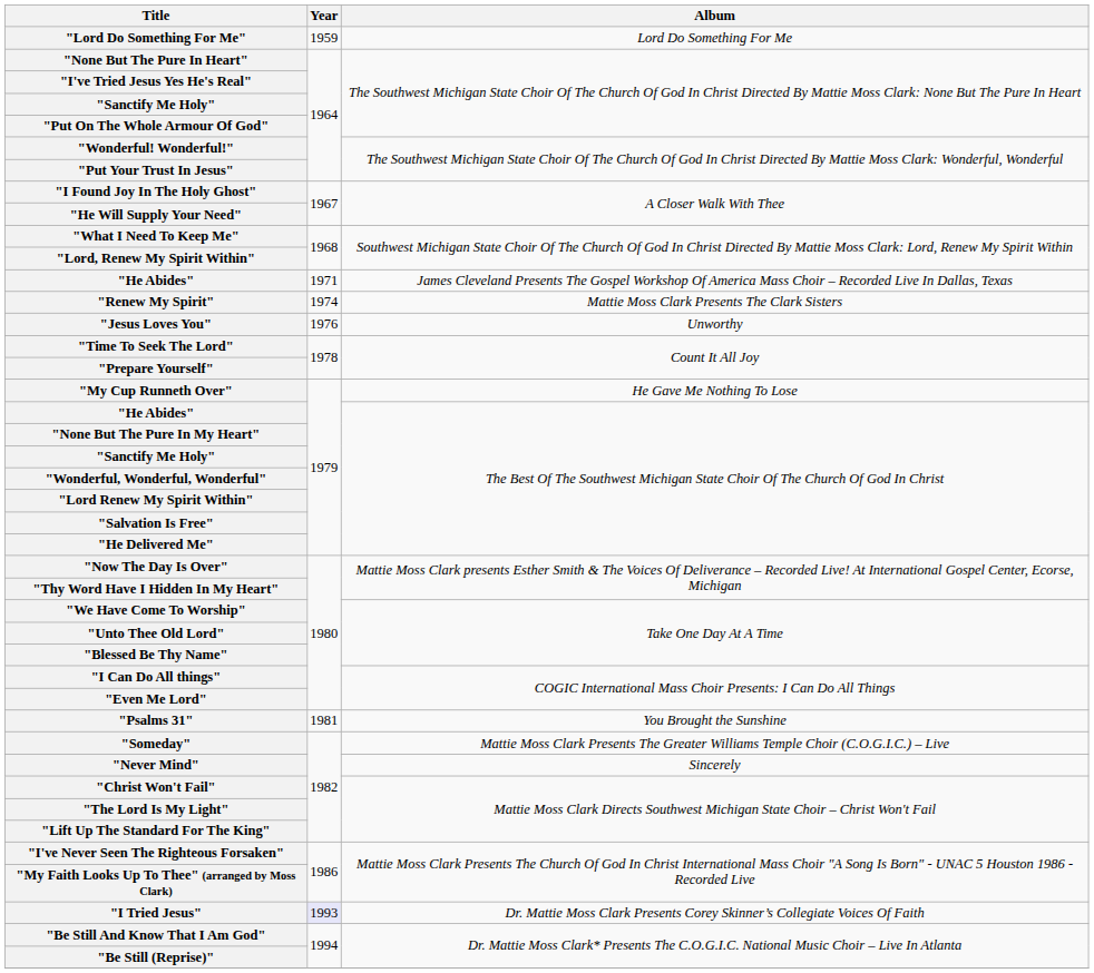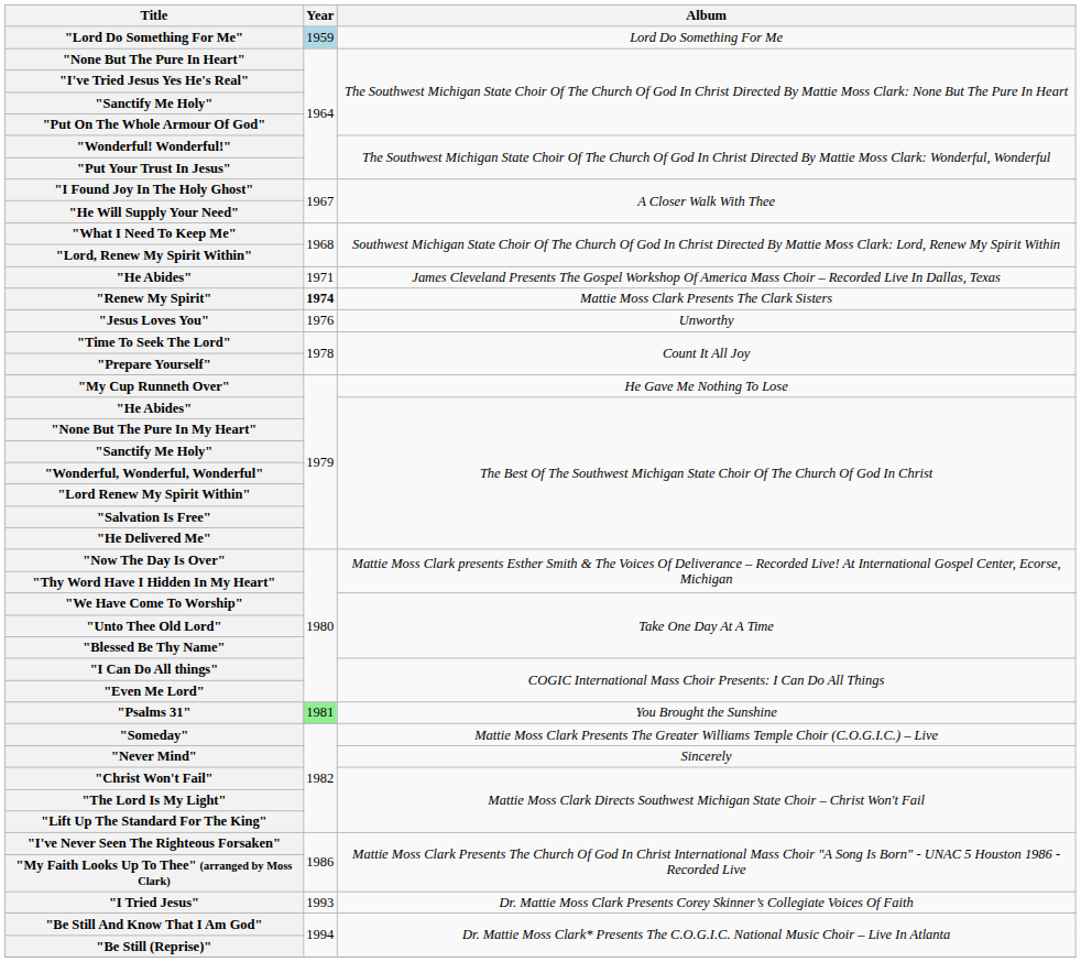 <table class="wikitable plainrowheaders" style="text-align:center;">
 <tr>
 <th>Title</th>
 <th>Year</th>
 <th>Album</th>
 </tr>
 <tr>
 <th scope="row">"Lord Do Something For Me"</th>
-<td>1959</td>
+<td style="background: lightblue;">1959</td>
 <td><em>Lord Do Something For Me</em></td>
 </tr>
 <tr>
 <th scope="row">"None But The Pure In Heart"</th>
 <td rowspan="6">1964</td>
 <td rowspan="4"><em>The Southwest Michigan State Choir Of The Church Of God In Christ Directed By Mattie Moss Clark: None But The Pure In Heart</em></td>
 </tr>
 <tr>
 <th scope="row">"I've Tried Jesus Yes He's Real"</th>
 </tr>
 <tr>
 <th scope="row">"Sanctify Me Holy"</th>
 </tr>
 <tr>
 <th scope="row">"Put On The Whole Armour Of God"</th>
 </tr>
 <tr>
 <th scope="row">"Wonderful! Wonderful!"</th>
 <td rowspan="2"><em>The Southwest Michigan State Choir Of The Church Of God In Christ Directed By Mattie Moss Clark: Wonderful, Wonderful</em></td>
 </tr>
 <tr>
 <th scope="row">"Put Your Trust In Jesus"</th>
 </tr>
 <tr>
 <th scope="row">"I Found Joy In The Holy Ghost"</th>
 <td rowspan="2">1967</td>
 <td rowspan="2"><em>A Closer Walk With Thee</em></td>
 </tr>
 <tr>
 <th scope="row">"He Will Supply Your Need"</th>
 </tr>
 <tr>
 <th scope="row">"What I Need To Keep Me"</th>
 <td rowspan="2">1968</td>
 <td rowspan="2"><em>Southwest Michigan State Choir Of The Church Of God In Christ Directed By Mattie Moss Clark: Lord, Renew My Spirit Within</em></td>
 </tr>
 <tr>
 <th scope="row">"Lord, Renew My Spirit Within"</th>
 </tr>
 <tr>
 <th scope="row">"He Abides"</th>
 <td>1971</td>
 <td><em>James Cleveland Presents The Gospel Workshop Of America Mass Choir – Recorded Live In Dallas, Texas</em></td>
 </tr>
 <tr>
 <th scope="row">"Renew My Spirit"</th>
-<td>1974</td>
+<td><strong>1974</strong></td>
 <td><em>Mattie Moss Clark Presents The Clark Sisters</em></td>
 </tr>
 <tr>
 <th scope="row">"Jesus Loves You"</th>
 <td>1976</td>
 <td><em>Unworthy</em></td>
 </tr>
 <tr>
 <th scope="row">"Time To Seek The Lord"</th>
 <td rowspan="2">1978</td>
 <td rowspan="2"><em>Count It All Joy</em></td>
 </tr>
 <tr>
 <th scope="row">"Prepare Yourself"</th>
 </tr>
 <tr>
 <th scope="row">"My Cup Runneth Over"</th>
 <td rowspan="8">1979</td>
 <td><em>He Gave Me Nothing To Lose</em></td>
 </tr>
 <tr>
 <th scope="row">"He Abides"</th>
 <td rowspan="7"><em>The Best Of The Southwest Michigan State Choir Of The Church Of God In Christ</em></td>
 </tr>
 <tr>
 <th scope="row">"None But The Pure In My Heart"</th>
 </tr>
 <tr>
 <th scope="row">"Sanctify Me Holy"</th>
 </tr>
 <tr>
 <th scope="row">"Wonderful, Wonderful, Wonderful"</th>
 </tr>
 <tr>
 <th scope="row">"Lord Renew My Spirit Within"</th>
 </tr>
 <tr>
 <th scope="row">"Salvation Is Free"</th>
 </tr>
 <tr>
 <th scope="row">"He Delivered Me"</th>
 </tr>
 <tr>
 <th scope="row">"Now The Day Is Over"</th>
 <td rowspan="7">1980</td>
 <td rowspan="2"><em>Mattie Moss Clark presents Esther Smith & The Voices Of Deliverance – Recorded Live! At International Gospel Center, Ecorse, Michigan</em></td>
 </tr>
 <tr>
 <th scope="row">"Thy Word Have I Hidden In My Heart"</th>
 </tr>
 <tr>
 <th scope="row">"We Have Come To Worship"</th>
 <td rowspan="3"><em>Take One Day At A Time</em></td>
 </tr>
 <tr>
 <th scope="row">"Unto Thee Old Lord"</th>
 </tr>
 <tr>
 <th scope="row">"Blessed Be Thy Name"</th>
 </tr>
 <tr>
 <th scope="row">"I Can Do All things"</th>
 <td rowspan="2"><em>COGIC International Mass Choir Presents: I Can Do All Things</em></td>
 </tr>
 <tr>
 <th scope="row">"Even Me Lord"</th>
 </tr>
 <tr>
 <th scope="row">"Psalms 31"</th>
-<td>1981</td>
+<td style="background: lightgreen;">1981</td>
 <td><em>You Brought the Sunshine</em></td>
 </tr>
 <tr>
 <th scope="row">"Someday"</th>
 <td rowspan="5">1982</td>
 <td><em>Mattie Moss Clark Presents The Greater Williams Temple Choir (C.O.G.I.C.) – Live</em></td>
 </tr>
 <tr>
 <th scope="row">"Never Mind"</th>
 <td><em>Sincerely</em></td>
 </tr>
 <tr>
 <th scope="row">"Christ Won't Fail"</th>
 <td rowspan="3"><em>Mattie Moss Clark Directs Southwest Michigan State Choir – Christ Won't Fail</em></td>
 </tr>
 <tr>
 <th scope="row">"The Lord Is My Light"</th>
 </tr>
 <tr>
 <th scope="row">"Lift Up The Standard For The King"</th>
 </tr>
 <tr>
 <th scope="row">"I've Never Seen The Righteous Forsaken"</th>
 <td rowspan="2">1986</td>
 <td rowspan="2"><em>Mattie Moss Clark Presents The Church Of God In Christ International Mass Choir "A Song Is Born" - UNAC 5 Houston 1986 - Recorded Live</em></td>
 </tr>
 <tr>
 <th scope="row">"My Faith Looks Up To Thee" <small>(arranged by Moss Clark)</small></th>
 </tr>
 <tr>
 <th scope="row">"I Tried Jesus"</th>
-<td style="background: lavender;">1993</td>
+<td>1993</td>
 <td><em>Dr. Mattie Moss Clark Presents Corey Skinner’s Collegiate Voices Of Faith</em></td>
 </tr>
 <tr>
 <th scope="row">"Be Still And Know That I Am God"</th>
 <td rowspan="2">1994</td>
 <td rowspan="2"><em>Dr. Mattie Moss Clark* Presents The C.O.G.I.C. National Music Choir – Live In Atlanta</em></td>
 </tr>
 <tr>
 <th scope="row">"Be Still (Reprise)"</th>
 </tr>
 <tr>
 </tr>
 </table>
